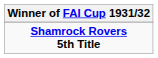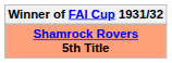 <table class="wikitable" style="text-align: center; margin: 0 auto;">
 <tr>
 <th>Winner of <a href='#'>FAI Cup</a> 1931/32</th>
 </tr>
 <tr>
 </tr>
 <tr>
-<td><strong><a href='#'>Shamrock Rovers</a></strong><br><strong>5th Title</strong></td>
+<td style="background: lightsalmon;"><strong><a href='#'>Shamrock Rovers</a></strong><br><strong>5th Title</strong></td>
 </tr>
 </table>
